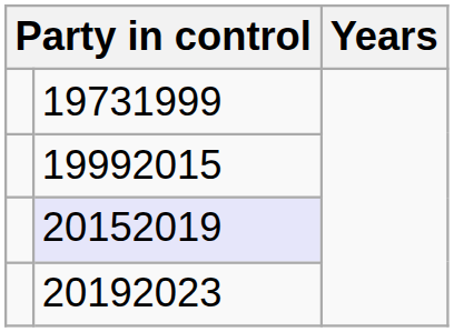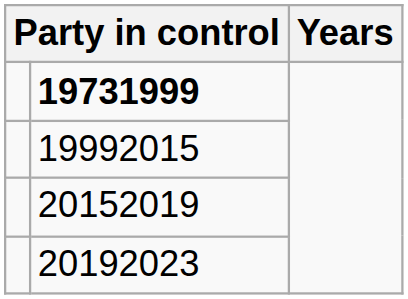 <table class="wikitable">
 <tr>
 <th colspan="2">Party in control</th>
 <th>Years</th>
 </tr>
 <tr>
 <td></td>
-<td>19731999</td>
+<td><strong>19731999</strong></td>
 </tr>
 <tr>
 <td></td>
 <td>19992015</td>
 </tr>
 <tr>
 <td></td>
-<td style="background: lavender;">20152019</td>
+<td>20152019</td>
 </tr>
 <tr>
 <td></td>
 <td>20192023</td>
 </tr>
 </table>
